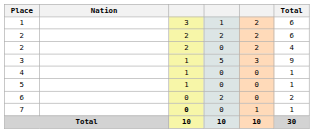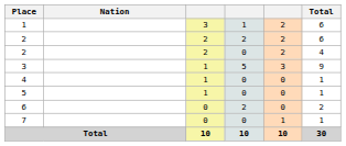 <table class=wikitable style="border:1px solid #AAAAAA;font-size:90%">
 <tr bgcolor="#EFEFEF">
 <th width=50>Place</th>
 <th width=200>Nation</th>
 <th width=50></th>
 <th width=50></th>
 <th width=50></th>
 <th width=50>Total</th>
 </tr>
 <tr align="center" valign="top" bgcolor="#FFFFFF">
 <td>1</td>
 <td align="left"></td>
 <td style="background:#F7F6A8;">3</td>
 <td style="background:#DCE5E5;">1</td>
 <td style="background:#FFDAB9;">2</td>
 <td>6</td>
 </tr>
 <tr align="center" valign="top" bgcolor="#FFFFFF">
 <td>2</td>
 <td align="left"></td>
 <td style="background:#F7F6A8;">2</td>
 <td style="background:#DCE5E5;">2</td>
 <td style="background:#FFDAB9;">2</td>
 <td>6</td>
 </tr>
 <tr align="center" valign="top" bgcolor="#FFFFFF">
 <td>2</td>
 <td align="left"></td>
 <td style="background:#F7F6A8;">2</td>
 <td style="background:#DCE5E5;">0</td>
 <td style="background:#FFDAB9;">2</td>
 <td>4</td>
 </tr>
 <tr align="center" valign="top" bgcolor="#FFFFFF">
 <td>3</td>
 <td align="left"></td>
 <td style="background:#F7F6A8;">1</td>
 <td style="background:#DCE5E5;">5</td>
 <td style="background:#FFDAB9;">3</td>
 <td>9</td>
 </tr>
 <tr align="center" valign="top" bgcolor="#FFFFFF">
 <td>4</td>
 <td align="left"></td>
 <td style="background:#F7F6A8;">1</td>
 <td style="background:#DCE5E5;">0</td>
 <td style="background:#FFDAB9;">0</td>
 <td>1</td>
 </tr>
 <tr align="center" valign="top" bgcolor="#FFFFFF">
 <td>5</td>
 <td align="left"></td>
 <td style="background:#F7F6A8;">1</td>
 <td style="background:#DCE5E5;">0</td>
 <td style="background:#FFDAB9;">0</td>
 <td>1</td>
 </tr>
 <tr align="center" valign="top" bgcolor="#FFFFFF">
 <td>6</td>
 <td align="left"></td>
 <td style="background:#F7F6A8;">0</td>
 <td style="background:#DCE5E5;">2</td>
 <td style="background:#FFDAB9;">0</td>
 <td>2</td>
 </tr>
 <tr align="center" valign="top" bgcolor="#FFFFFF">
 <td>7</td>
 <td align="left"></td>
-<td style="background:#F7F6A8;"><strong>0</strong></td>
+<td style="background:#F7F6A8;">0</td>
 <td style="background:#DCE5E5;">0</td>
 <td style="background:#FFDAB9;">1</td>
 <td>1</td>
 </tr>
 <tr align="center">
 <td colspan="2" bgcolor=D3D3D3><strong>Total</strong></td>
 <td style="background:#F7F6A8;"><strong>10</strong></td>
 <td style="background:#DCE5E5;"><strong>10</strong></td>
 <td style="background:#FFDAB9;"><strong>10</strong></td>
 <td bgcolor=D3D3D3><strong>30</strong></td>
 </tr>
 </table>
